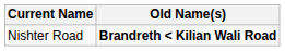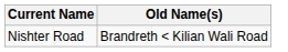 <table class="wikitable">
 <tr>
 <th>Current Name</th>
 <th>Old Name(s)</th>
 </tr>
 <tr>
 <td>Nishter Road</td>
-<td><strong>Brandreth < Kilian Wali Road</strong></td>
+<td>Brandreth < Kilian Wali Road</td>
 </tr>
 </table>
